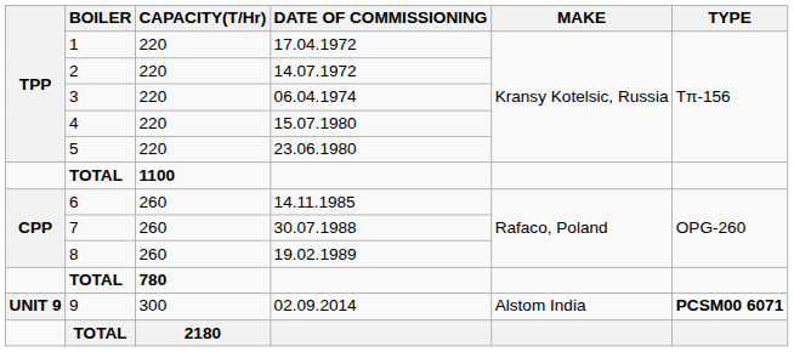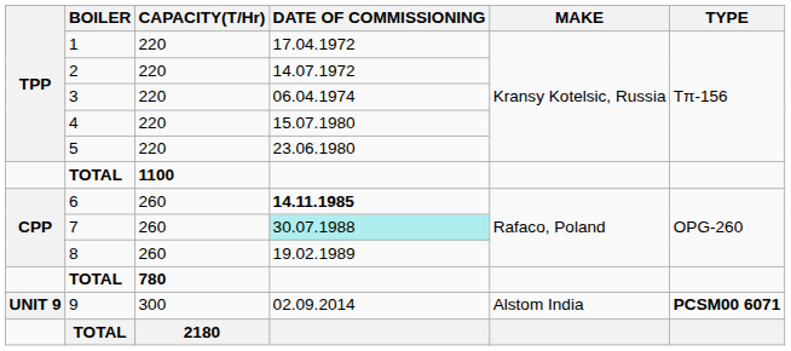 <table class="wikitable">
 <tr>
 <th rowspan="6">TPP</th>
 <th>BOILER</th>
 <th>CAPACITY(T/Hr)</th>
 <th>DATE OF COMMISSIONING</th>
 <th>MAKE</th>
 <th>TYPE</th>
 </tr>
 <tr>
 <td>1</td>
 <td>220</td>
 <td>17.04.1972</td>
 <td rowspan="5">Kransy Kotelsic, Russia</td>
 <td rowspan="5">Tπ-156</td>
 </tr>
 <tr>
 <td>2</td>
 <td>220</td>
 <td>14.07.1972</td>
 </tr>
 <tr>
 <td>3</td>
 <td>220</td>
 <td>06.04.1974</td>
 </tr>
 <tr>
 <td>4</td>
 <td>220</td>
 <td>15.07.1980</td>
 </tr>
 <tr>
 <td>5</td>
 <td>220</td>
 <td>23.06.1980</td>
 </tr>
 <tr>
 <td></td>
 <td><strong>TOTAL</strong></td>
 <td><strong>1100</strong></td>
 <td></td>
 <td></td>
 <td></td>
 </tr>
 <tr>
 <th rowspan="3">CPP</th>
 <td>6</td>
 <td>260</td>
-<td>14.11.1985</td>
+<td><strong>14.11.1985</strong></td>
 <td rowspan="3">Rafaco, Poland</td>
 <td rowspan="3">OPG-260</td>
 </tr>
 <tr>
 <td>7</td>
 <td>260</td>
-<td>30.07.1988</td>
+<td style="background: paleturquoise;">30.07.1988</td>
 </tr>
 <tr>
 <td>8</td>
 <td>260</td>
 <td>19.02.1989</td>
 </tr>
 <tr>
 <td></td>
 <td><strong>TOTAL</strong></td>
 <td><strong>780</strong></td>
 <td></td>
 <td></td>
 <td></td>
 </tr>
 <tr>
 <th>UNIT 9</th>
 <td>9</td>
 <td>300</td>
 <td>02.09.2014</td>
 <td>Alstom India</td>
 <td><strong>PCSM00 6071</strong></td>
 </tr>
 <tr>
 <td></td>
 <th>TOTAL</th>
 <th>2180</th>
 <th></th>
 <th></th>
 <th></th>
 </tr>
 </table>
